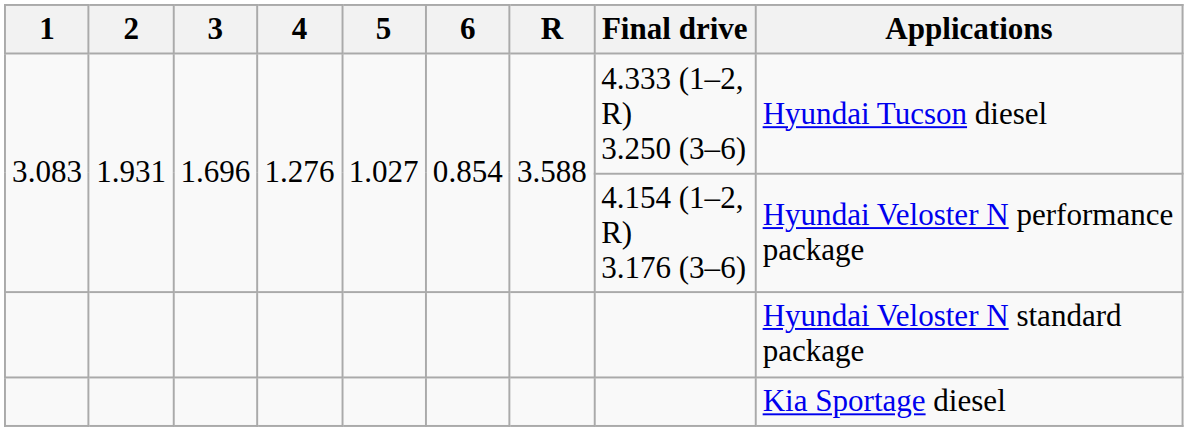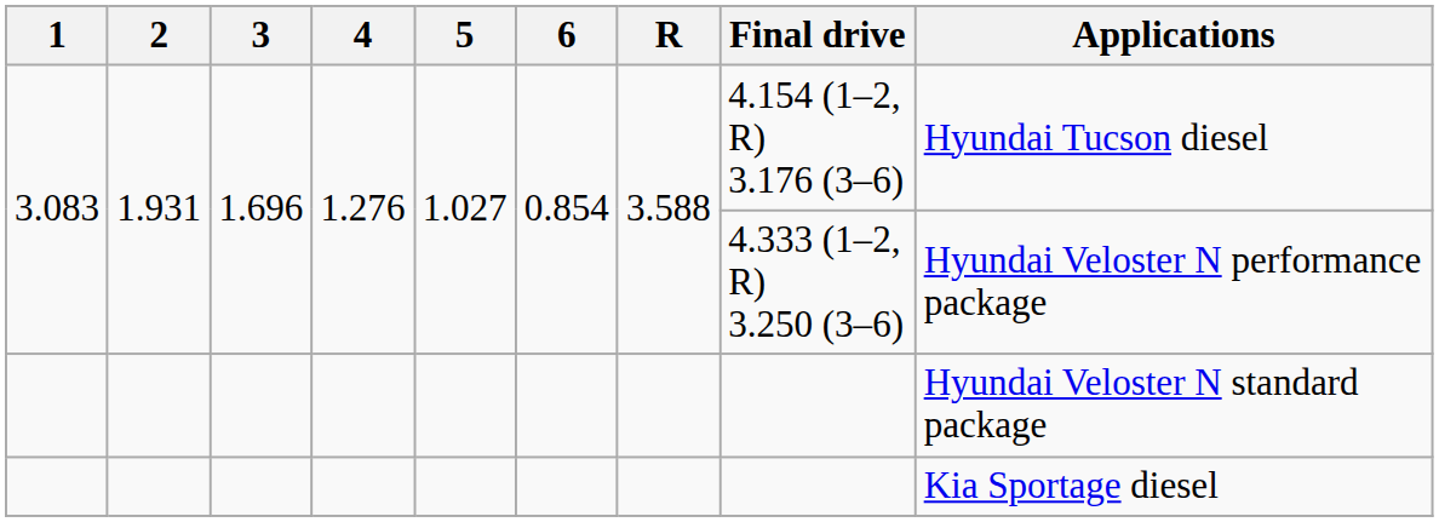 <table class=wikitable>
 <tr>
 <th>1</th>
 <th>2</th>
 <th>3</th>
 <th>4</th>
 <th>5</th>
 <th>6</th>
 <th>R</th>
 <th>Final drive</th>
 <th>Applications</th>
 </tr>
 <tr>
 <td rowspan=2>3.083</td>
 <td rowspan=2>1.931</td>
 <td rowspan=2>1.696</td>
 <td rowspan=2>1.276</td>
 <td rowspan=2>1.027</td>
 <td rowspan=2>0.854</td>
 <td rowspan=2>3.588</td>
-<td>4.333 (1–2, R)<br>3.250 (3–6)</td>
+<td>4.154 (1–2, R)<br>3.176 (3–6)</td>
 <td><a href='#'>Hyundai Tucson</a> diesel</td>
 </tr>
 <tr>
-<td>4.154 (1–2, R)<br>3.176 (3–6)</td>
+<td>4.333 (1–2, R)<br>3.250 (3–6)</td>
 <td><a href='#'>Hyundai Veloster N</a> performance package</td>
 </tr>
 <tr>
 <td></td>
 <td></td>
 <td></td>
 <td></td>
 <td></td>
 <td></td>
 <td></td>
 <td></td>
 <td><a href='#'>Hyundai Veloster N</a> standard package</td>
 </tr>
 <tr>
 <td></td>
 <td></td>
 <td></td>
 <td></td>
 <td></td>
 <td></td>
 <td></td>
 <td></td>
 <td><a href='#'>Kia Sportage</a> diesel</td>
 </tr>
 </table>
